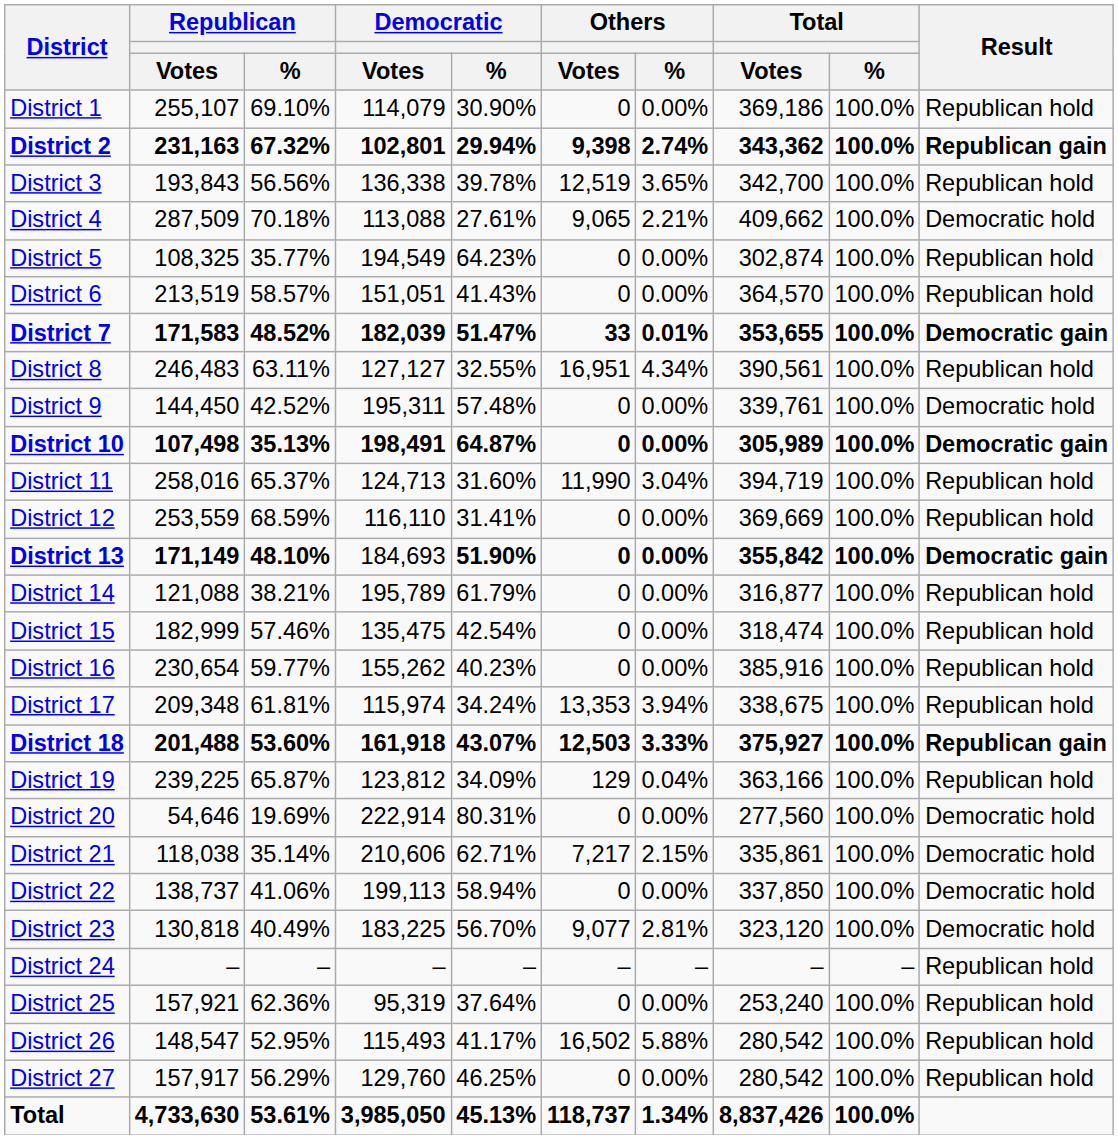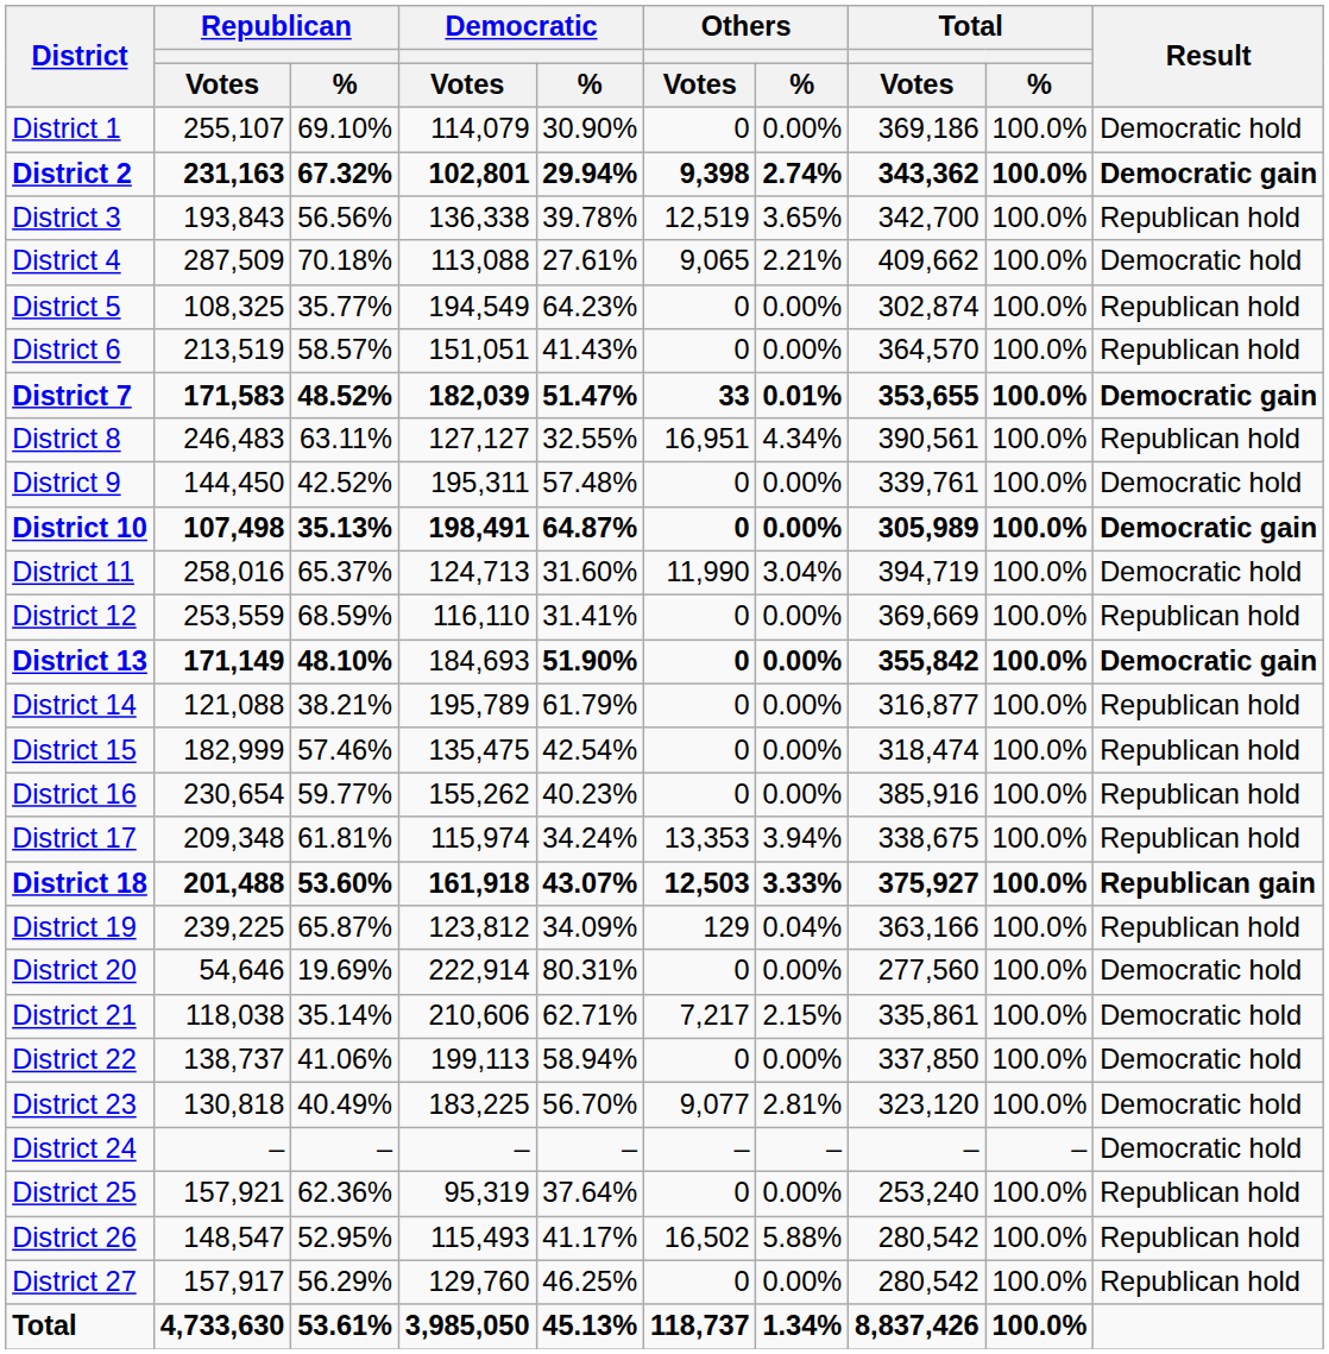 <table class="wikitable plainrowheaders sortable" style="font-size:100%; text-align:right;">
 <tr>
 <th scope=col rowspan=3><a href='#'>District</a></th>
 <th scope=col colspan=2><a href='#'>Republican</a></th>
 <th scope=col colspan=2><a href='#'>Democratic</a></th>
 <th scope=col colspan=2>Others</th>
 <th scope=col colspan=2>Total</th>
 <th scope=col rowspan=3>Result</th>
 </tr>
 <tr>
 <th scope=col colspan=2 style="background:"></th>
 <th scope=col colspan=2 style="background:"></th>
 <th scope=col colspan=2></th>
 <th scope=col colspan=2></th>
 </tr>
 <tr>
 <th scope=col data-sort-type="number">Votes</th>
 <th scope=col data-sort-type="number">%</th>
 <th scope=col data-sort-type="number">Votes</th>
 <th scope=col data-sort-type="number">%</th>
 <th scope=col data-sort-type="number">Votes</th>
 <th scope=col data-sort-type="number">%</th>
 <th scope=col data-sort-type="number">Votes</th>
 <th scope=col data-sort-type="number">%</th>
 </tr>
 <tr>
 <td align=left><a href='#'>District 1</a></td>
 <td>255,107</td>
 <td>69.10%</td>
 <td>114,079</td>
 <td>30.90%</td>
 <td>0</td>
 <td>0.00%</td>
 <td>369,186</td>
 <td>100.0%</td>
-<td align=left>Republican hold</td>
+<td align=left>Democratic hold</td>
 </tr>
 <tr>
 <td align=left><strong><a href='#'>District 2</a></strong></td>
 <td><strong>231,163</strong></td>
 <td><strong>67.32%</strong></td>
 <td><strong>102,801</strong></td>
 <td><strong>29.94%</strong></td>
 <td><strong>9,398</strong></td>
 <td><strong>2.74%</strong></td>
 <td><strong>343,362</strong></td>
 <td><strong>100.0%</strong></td>
-<td align=left><strong>Republican gain</strong></td>
+<td align=left><strong>Democratic gain</strong></td>
 </tr>
 <tr>
 <td align=left><a href='#'>District 3</a></td>
 <td>193,843</td>
 <td>56.56%</td>
 <td>136,338</td>
 <td>39.78%</td>
 <td>12,519</td>
 <td>3.65%</td>
 <td>342,700</td>
 <td>100.0%</td>
 <td align=left>Republican hold</td>
 </tr>
 <tr>
 <td align=left><a href='#'>District 4</a></td>
 <td>287,509</td>
 <td>70.18%</td>
 <td>113,088</td>
 <td>27.61%</td>
 <td>9,065</td>
 <td>2.21%</td>
 <td>409,662</td>
 <td>100.0%</td>
 <td align=left>Democratic hold</td>
 </tr>
 <tr>
 <td align=left><a href='#'>District 5</a></td>
 <td>108,325</td>
 <td>35.77%</td>
 <td>194,549</td>
 <td>64.23%</td>
 <td>0</td>
 <td>0.00%</td>
 <td>302,874</td>
 <td>100.0%</td>
 <td align=left>Republican hold</td>
 </tr>
 <tr>
 <td align=left><a href='#'>District 6</a></td>
 <td>213,519</td>
 <td>58.57%</td>
 <td>151,051</td>
 <td>41.43%</td>
 <td>0</td>
 <td>0.00%</td>
 <td>364,570</td>
 <td>100.0%</td>
 <td align=left>Republican hold</td>
 </tr>
 <tr>
 <td align=left><strong><a href='#'>District 7</a></strong></td>
 <td><strong>171,583</strong></td>
 <td><strong>48.52%</strong></td>
 <td><strong>182,039</strong></td>
 <td><strong>51.47%</strong></td>
 <td><strong>33</strong></td>
 <td><strong>0.01%</strong></td>
 <td><strong>353,655</strong></td>
 <td><strong>100.0%</strong></td>
 <td align=left><strong>Democratic gain</strong></td>
 </tr>
 <tr>
 <td align=left><a href='#'>District 8</a></td>
 <td>246,483</td>
 <td>63.11%</td>
 <td>127,127</td>
 <td>32.55%</td>
 <td>16,951</td>
 <td>4.34%</td>
 <td>390,561</td>
 <td>100.0%</td>
 <td align=left>Republican hold</td>
 </tr>
 <tr>
 <td align=left><a href='#'>District 9</a></td>
 <td>144,450</td>
 <td>42.52%</td>
 <td>195,311</td>
 <td>57.48%</td>
 <td>0</td>
 <td>0.00%</td>
 <td>339,761</td>
 <td>100.0%</td>
 <td align=left>Democratic hold</td>
 </tr>
 <tr>
 <td align=left><strong><a href='#'>District 10</a></strong></td>
 <td><strong>107,498</strong></td>
 <td><strong>35.13%</strong></td>
 <td><strong>198,491</strong></td>
 <td><strong>64.87%</strong></td>
 <td><strong>0</strong></td>
 <td><strong>0.00%</strong></td>
 <td><strong>305,989</strong></td>
 <td><strong>100.0%</strong></td>
 <td align=left><strong>Democratic gain</strong></td>
 </tr>
 <tr>
 <td align=left><a href='#'>District 11</a></td>
 <td>258,016</td>
 <td>65.37%</td>
 <td>124,713</td>
 <td>31.60%</td>
 <td>11,990</td>
 <td>3.04%</td>
 <td>394,719</td>
 <td>100.0%</td>
-<td align=left>Republican hold</td>
+<td align=left>Democratic hold</td>
 </tr>
 <tr>
 <td align=left><a href='#'>District 12</a></td>
 <td>253,559</td>
 <td>68.59%</td>
 <td>116,110</td>
 <td>31.41%</td>
 <td>0</td>
 <td>0.00%</td>
 <td>369,669</td>
 <td>100.0%</td>
 <td align=left>Republican hold</td>
 </tr>
 <tr>
 <td align=left><strong><a href='#'>District 13</a></strong></td>
 <td><strong>171,149</strong></td>
 <td><strong>48.10%</strong></td>
 <td>184,693</td>
 <td><strong>51.90%</strong></td>
 <td><strong>0</strong></td>
 <td><strong>0.00%</strong></td>
 <td><strong>355,842</strong></td>
 <td><strong>100.0%</strong></td>
 <td align=left><strong>Democratic gain</strong></td>
 </tr>
 <tr>
 <td align=left><a href='#'>District 14</a></td>
 <td>121,088</td>
 <td>38.21%</td>
 <td>195,789</td>
 <td>61.79%</td>
 <td>0</td>
 <td>0.00%</td>
 <td>316,877</td>
 <td>100.0%</td>
 <td align=left>Republican hold</td>
 </tr>
 <tr>
 <td align=left><a href='#'>District 15</a></td>
 <td>182,999</td>
 <td>57.46%</td>
 <td>135,475</td>
 <td>42.54%</td>
 <td>0</td>
 <td>0.00%</td>
 <td>318,474</td>
 <td>100.0%</td>
 <td align=left>Republican hold</td>
 </tr>
 <tr>
 <td align=left><a href='#'>District 16</a></td>
 <td>230,654</td>
 <td>59.77%</td>
 <td>155,262</td>
 <td>40.23%</td>
 <td>0</td>
 <td>0.00%</td>
 <td>385,916</td>
 <td>100.0%</td>
 <td align=left>Republican hold</td>
 </tr>
 <tr>
 <td align=left><a href='#'>District 17</a></td>
 <td>209,348</td>
 <td>61.81%</td>
 <td>115,974</td>
 <td>34.24%</td>
 <td>13,353</td>
 <td>3.94%</td>
 <td>338,675</td>
 <td>100.0%</td>
 <td align=left>Republican hold</td>
 </tr>
 <tr>
 <td align=left><strong><a href='#'>District 18</a></strong></td>
 <td><strong>201,488</strong></td>
 <td><strong>53.60%</strong></td>
 <td><strong>161,918</strong></td>
 <td><strong>43.07%</strong></td>
 <td><strong>12,503</strong></td>
 <td><strong>3.33%</strong></td>
 <td><strong>375,927</strong></td>
 <td><strong>100.0%</strong></td>
 <td align=left><strong>Republican gain</strong></td>
 </tr>
 <tr>
 <td align=left><a href='#'>District 19</a></td>
 <td>239,225</td>
 <td>65.87%</td>
 <td>123,812</td>
 <td>34.09%</td>
 <td>129</td>
 <td>0.04%</td>
 <td>363,166</td>
 <td>100.0%</td>
 <td align=left>Republican hold</td>
 </tr>
 <tr>
 <td align=left><a href='#'>District 20</a></td>
 <td>54,646</td>
 <td>19.69%</td>
 <td>222,914</td>
 <td>80.31%</td>
 <td>0</td>
 <td>0.00%</td>
 <td>277,560</td>
 <td>100.0%</td>
 <td align=left>Democratic hold</td>
 </tr>
 <tr>
 <td align=left><a href='#'>District 21</a></td>
 <td>118,038</td>
 <td>35.14%</td>
 <td>210,606</td>
 <td>62.71%</td>
 <td>7,217</td>
 <td>2.15%</td>
 <td>335,861</td>
 <td>100.0%</td>
 <td align=left>Democratic hold</td>
 </tr>
 <tr>
 <td align=left><a href='#'>District 22</a></td>
 <td>138,737</td>
 <td>41.06%</td>
 <td>199,113</td>
 <td>58.94%</td>
 <td>0</td>
 <td>0.00%</td>
 <td>337,850</td>
 <td>100.0%</td>
 <td align=left>Democratic hold</td>
 </tr>
 <tr>
 <td align=left><a href='#'>District 23</a></td>
 <td>130,818</td>
 <td>40.49%</td>
 <td>183,225</td>
 <td>56.70%</td>
 <td>9,077</td>
 <td>2.81%</td>
 <td>323,120</td>
 <td>100.0%</td>
 <td align=left>Democratic hold</td>
 </tr>
 <tr>
 <td align=left><a href='#'>District 24</a></td>
 <td>–</td>
 <td>–</td>
 <td>–</td>
 <td>–</td>
 <td>–</td>
 <td>–</td>
 <td>–</td>
 <td>–</td>
-<td align=left>Republican hold</td>
+<td align=left>Democratic hold</td>
 </tr>
 <tr>
 <td align=left><a href='#'>District 25</a></td>
 <td>157,921</td>
 <td>62.36%</td>
 <td>95,319</td>
 <td>37.64%</td>
 <td>0</td>
 <td>0.00%</td>
 <td>253,240</td>
 <td>100.0%</td>
 <td align=left>Republican hold</td>
 </tr>
 <tr>
 <td align=left><a href='#'>District 26</a></td>
 <td>148,547</td>
 <td>52.95%</td>
 <td>115,493</td>
 <td>41.17%</td>
 <td>16,502</td>
 <td>5.88%</td>
 <td>280,542</td>
 <td>100.0%</td>
 <td align=left>Republican hold</td>
 </tr>
 <tr>
 <td align=left><a href='#'>District 27</a></td>
 <td>157,917</td>
 <td>56.29%</td>
 <td>129,760</td>
 <td>46.25%</td>
 <td>0</td>
 <td>0.00%</td>
 <td>280,542</td>
 <td>100.0%</td>
 <td align=left>Republican hold</td>
 </tr>
 <tr class="sortbottom" style="font-weight:bold">
 <td align=left>Total</td>
 <td>4,733,630</td>
 <td>53.61%</td>
 <td>3,985,050</td>
 <td>45.13%</td>
 <td>118,737</td>
 <td>1.34%</td>
 <td>8,837,426</td>
 <td>100.0%</td>
 <td></td>
 </tr>
 </table>
